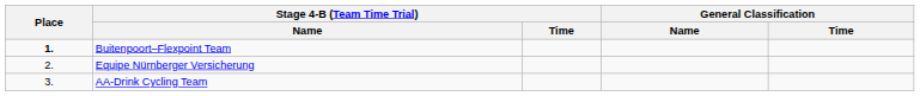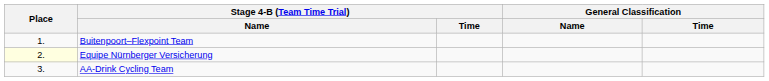 <table class=wikitable style="font-size:95%" width="80%">
 <tr>
 <th rowspan="2">Place</th>
 <th colspan="2">Stage 4-B (<a href='#'>Team Time Trial</a>)</th>
 <th colspan="2">General Classification</th>
 </tr>
 <tr>
 <th>Name</th>
 <th>Time</th>
 <th>Name</th>
 <th>Time</th>
 </tr>
 <tr>
-<td align="center"><strong>1.</strong></td>
+<td align="center">1.</td>
 <td><a href='#'>Buitenpoort–Flexpoint Team</a></td>
 <td></td>
 <td></td>
 <td></td>
 </tr>
 <tr>
-<td align="center">2.</td>
+<td align="center" style="background: lightyellow;">2.</td>
 <td><a href='#'>Equipe Nürnberger Versicherung</a></td>
 <td></td>
 <td></td>
 <td></td>
 </tr>
 <tr>
 <td align="center">3.</td>
 <td><a href='#'>AA-Drink Cycling Team</a></td>
 <td></td>
 <td></td>
 <td></td>
 </tr>
 </table>
